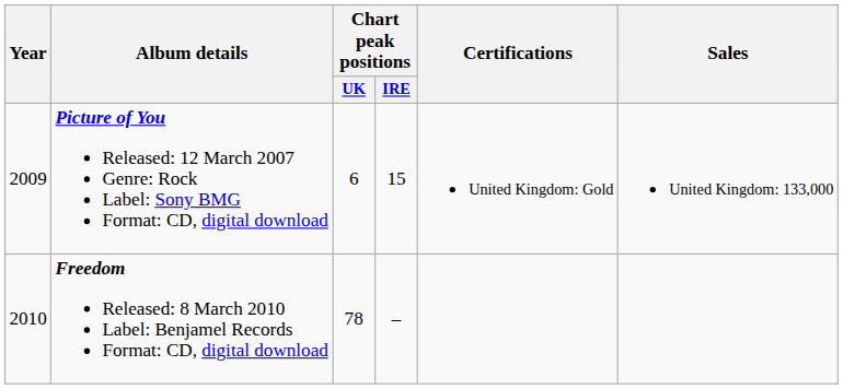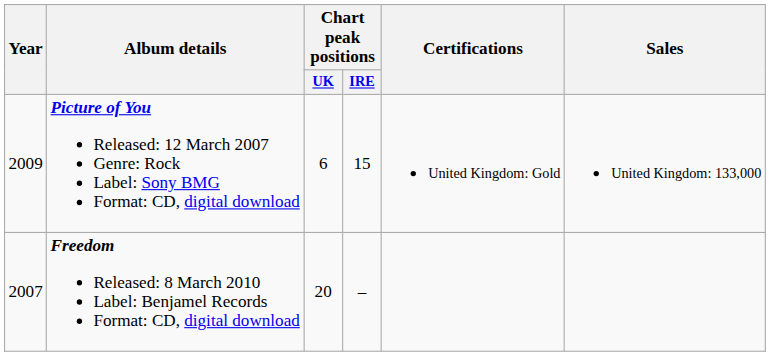 <table class=wikitable style=text-align:center;>
 <tr>
 <th rowspan=2>Year</th>
 <th rowspan=2>Album details</th>
 <th colspan=2>Chart peak positions</th>
 <th rowspan=2>Certifications</th>
 <th rowspan=2>Sales</th>
 </tr>
 <tr style=font-size:smaller;>
 <th width=30><a href='#'>UK</a></th>
 <th width=30><a href='#'>IRE</a></th>
 </tr>
 <tr>
 <td>2009</td>
 <td align=left><strong><em><a href='#'>Picture of You</a></em></strong><br><ul><li>Released: 12 March 2007</li><li>Genre: Rock</li><li>Label: <a href='#'>Sony BMG</a></li><li>Format: CD, <a href='#'>digital download</a></li></ul></td>
 <td>6</td>
 <td>15</td>
 <td align=left><br><ul><li><small>United Kingdom: Gold</small></li></ul></td>
 <td align=left><br><ul><li><small>United Kingdom: 133,000</small></li></ul></td>
 </tr>
 <tr>
-<td>2010</td>
+<td>2007</td>
 <td align=left><strong><em>Freedom</em></strong><br><ul><li>Released: 8 March 2010</li><li>Label: Benjamel Records</li><li>Format: CD, <a href='#'>digital download</a></li></ul></td>
-<td>78</td>
+<td>20</td>
 <td>–</td>
 <td align=left></td>
 <td align=left></td>
 </tr>
 </table>
